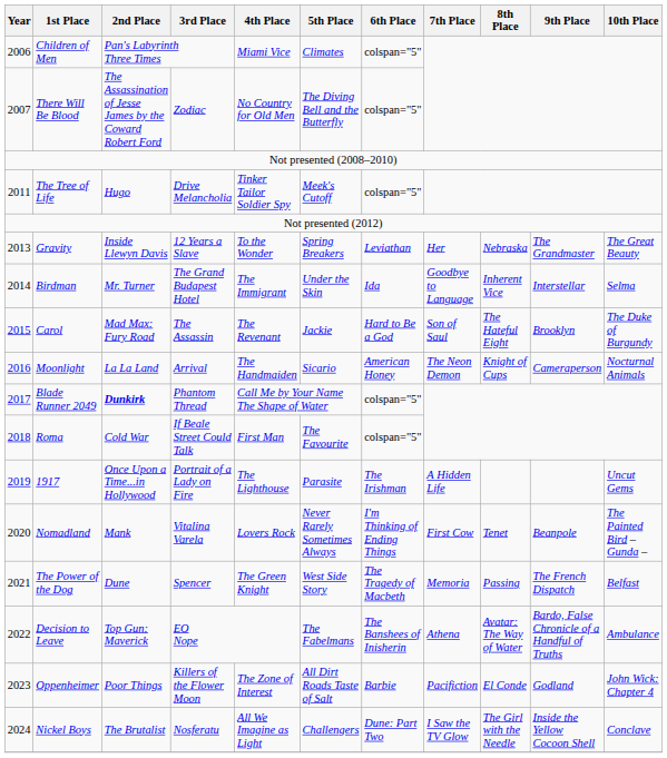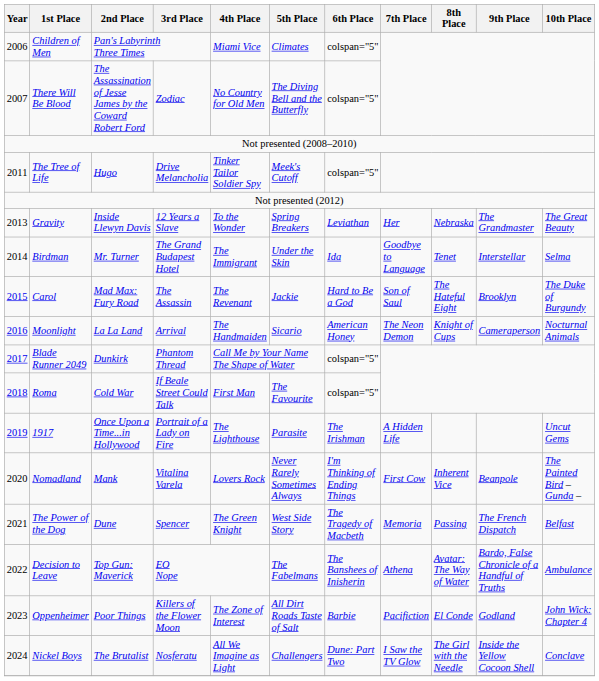 <table class="wikitable">
 <tr>
 <th scope="col" width="3%">Year</th>
 <th scope="col" width="9%">1st Place</th>
 <th scope="col" width="9%">2nd Place</th>
 <th scope="col" width="9%">3rd Place</th>
 <th scope="col" width="9%">4th Place</th>
 <th scope="col" width="9%">5th Place</th>
 <th scope="col" width="9%">6th Place</th>
 <th scope="col" width="9%">7th Place</th>
 <th scope="col" width="9%">8th Place</th>
 <th scope="col" width="9%">9th Place</th>
 <th scope="col" width="9%">10th Place</th>
 </tr>
 <tr>
 <td align="center">2006</td>
 <td><em><a href='#'>Children of Men</a></em><br></td>
 <td colspan="2"><em><a href='#'>Pan's Labyrinth</a></em> <br><em><a href='#'>Three Times</a></em> </td>
 <td><em><a href='#'>Miami Vice</a></em><br></td>
 <td><em><a href='#'>Climates</a></em><br></td>
 <td>colspan="5" </td>
 </tr>
 <tr>
 <td align="center">2007</td>
 <td><em><a href='#'>There Will Be Blood</a></em><br></td>
 <td><em><a href='#'>The Assassination of Jesse James by the Coward Robert Ford</a></em><br></td>
 <td><em><a href='#'>Zodiac</a></em><br></td>
 <td><em><a href='#'>No Country for Old Men</a></em><br></td>
 <td><em><a href='#'>The Diving Bell and the Butterfly</a></em><br></td>
 <td>colspan="5" </td>
 </tr>
 <tr>
 <td colspan="11" align="center">Not presented (2008–2010)</td>
 </tr>
 <tr>
 <td align="center">2011</td>
 <td><em><a href='#'>The Tree of Life</a></em><br></td>
 <td><em><a href='#'>Hugo</a></em><br></td>
 <td><em><a href='#'>Drive</a></em> <br><em><a href='#'>Melancholia</a></em> </td>
 <td><em><a href='#'>Tinker Tailor Soldier Spy</a></em><br></td>
 <td><em><a href='#'>Meek's Cutoff</a></em><br></td>
 <td>colspan="5" </td>
 </tr>
 <tr>
 <td colspan="11" align="center">Not presented (2012)</td>
 </tr>
 <tr>
 <td align="center">2013</td>
 <td><em><a href='#'>Gravity</a></em><br></td>
 <td><em><a href='#'>Inside Llewyn Davis</a></em><br></td>
 <td><em><a href='#'>12 Years a Slave</a></em><br></td>
 <td><em><a href='#'>To the Wonder</a></em><br></td>
 <td><em><a href='#'>Spring Breakers</a></em><br></td>
 <td><em><a href='#'>Leviathan</a></em><br></td>
 <td><em><a href='#'>Her</a></em><br></td>
 <td><em><a href='#'>Nebraska</a></em><br></td>
 <td><em><a href='#'>The Grandmaster</a></em><br></td>
 <td><em><a href='#'>The Great Beauty</a></em><br></td>
 </tr>
 <tr>
 <td align="center">2014</td>
 <td><em><a href='#'>Birdman</a></em><br></td>
 <td><em><a href='#'>Mr. Turner</a></em><br></td>
 <td><em><a href='#'>The Grand Budapest Hotel</a></em><br></td>
 <td><em><a href='#'>The Immigrant</a></em><br></td>
 <td><em><a href='#'>Under the Skin</a></em><br></td>
 <td><em><a href='#'>Ida</a></em><br></td>
 <td><em><a href='#'>Goodbye to Language</a></em><br></td>
-<td><em><a href='#'>Inherent Vice</a></em><br></td>
+<td><em><a href='#'>Tenet</a></em><br></td>
 <td><em><a href='#'>Interstellar</a></em><br></td>
 <td><em><a href='#'>Selma</a></em><br></td>
 </tr>
 <tr>
 <td align="center"><a href='#'>2015</a></td>
 <td><em><a href='#'>Carol</a></em><br></td>
 <td><em><a href='#'>Mad Max: Fury Road</a></em><br></td>
 <td><em><a href='#'>The Assassin</a></em><br></td>
 <td><em><a href='#'>The Revenant</a></em><br></td>
 <td><em><a href='#'>Jackie</a></em><br></td>
 <td><em><a href='#'>Hard to Be a God</a></em><br></td>
 <td><em><a href='#'>Son of Saul</a></em><br></td>
 <td><em><a href='#'>The Hateful Eight</a></em><br></td>
 <td><em><a href='#'>Brooklyn</a></em><br></td>
 <td><em><a href='#'>The Duke of Burgundy</a></em><br></td>
 </tr>
 <tr>
 <td align="center"><a href='#'>2016</a></td>
 <td><em><a href='#'>Moonlight</a></em><br></td>
 <td><em><a href='#'>La La Land</a></em><br></td>
 <td><em><a href='#'>Arrival</a></em><br></td>
 <td><em><a href='#'>The Handmaiden</a></em><br></td>
 <td><em><a href='#'>Sicario</a></em><br></td>
 <td><em><a href='#'>American Honey</a></em><br></td>
 <td><em><a href='#'>The Neon Demon</a></em><br></td>
 <td><em><a href='#'>Knight of Cups</a></em><br></td>
 <td><em><a href='#'>Cameraperson</a></em><br></td>
 <td><em><a href='#'>Nocturnal Animals</a></em><br></td>
 </tr>
 <tr>
 <td align="center"><a href='#'>2017</a></td>
 <td><em><a href='#'>Blade Runner 2049</a></em><br></td>
-<td><strong><em><a href='#'>Dunkirk</a></em><br></strong></td>
+<td><em><a href='#'>Dunkirk</a></em><br></td>
 <td><em><a href='#'>Phantom Thread</a></em><br></td>
 <td colspan="2"><em><a href='#'>Call Me by Your Name</a></em> <br><em><a href='#'>The Shape of Water</a></em> </td>
 <td>colspan="5" </td>
 </tr>
 <tr>
 <td align="center"><a href='#'>2018</a></td>
 <td><em><a href='#'>Roma</a></em><br></td>
 <td><em><a href='#'>Cold War</a></em><br></td>
 <td><em><a href='#'>If Beale Street Could Talk</a></em><br></td>
 <td><em><a href='#'>First Man</a></em><br></td>
 <td><em><a href='#'>The Favourite</a></em><br></td>
 <td>colspan="5" </td>
 </tr>
 <tr>
 <td align="center"><a href='#'>2019</a></td>
 <td><em><a href='#'>1917</a></em><br></td>
 <td><em><a href='#'>Once Upon a Time...in Hollywood</a></em><br></td>
 <td><em><a href='#'>Portrait of a Lady on Fire</a></em><br></td>
 <td><em><a href='#'>The Lighthouse</a></em><br></td>
 <td><em><a href='#'>Parasite</a></em><br></td>
 <td><em><a href='#'>The Irishman</a></em><br></td>
 <td><em><a href='#'>A Hidden Life</a></em><br></td>
 <td></td>
 <td></td>
 <td><em><a href='#'>Uncut Gems</a></em><br></td>
 </tr>
 <tr>
 <td align="center">2020</td>
 <td><em><a href='#'>Nomadland</a></em><br></td>
 <td><em><a href='#'>Mank</a></em><br></td>
 <td><em><a href='#'>Vitalina Varela</a></em><br></td>
 <td><em><a href='#'>Lovers Rock</a></em><br></td>
 <td><em><a href='#'>Never Rarely Sometimes Always</a></em><br></td>
 <td><em><a href='#'>I'm Thinking of Ending Things</a></em><br></td>
 <td><em><a href='#'>First Cow</a></em><br></td>
-<td><em><a href='#'>Tenet</a></em><br></td>
+<td><em><a href='#'>Inherent Vice</a></em><br></td>
 <td><em><a href='#'>Beanpole</a></em><br></td>
 <td colspan="2"><em><a href='#'>The Painted Bird</a></em> – <br><em><a href='#'>Gunda</a></em> – </td>
 </tr>
 <tr>
 <td align="center">2021</td>
 <td><em><a href='#'>The Power of the Dog</a></em><br></td>
 <td><em><a href='#'>Dune</a></em><br></td>
 <td><em><a href='#'>Spencer</a></em><br></td>
 <td><em><a href='#'>The Green Knight</a></em><br></td>
 <td><em><a href='#'>West Side Story</a></em><br></td>
 <td><em><a href='#'>The Tragedy of Macbeth</a></em><br></td>
 <td><em><a href='#'>Memoria</a></em><br></td>
 <td><em><a href='#'>Passing</a></em><br></td>
 <td><em><a href='#'>The French Dispatch</a></em><br></td>
 <td><em><a href='#'>Belfast</a></em><br></td>
 </tr>
 <tr>
 <td align="center">2022</td>
 <td><em><a href='#'>Decision to Leave</a></em><br></td>
 <td><em><a href='#'>Top Gun: Maverick</a></em><br></td>
 <td colspan="2"><em><a href='#'>EO</a></em> <br><em><a href='#'>Nope</a></em> </td>
 <td><em><a href='#'>The Fabelmans</a></em><br></td>
 <td><em><a href='#'>The Banshees of Inisherin</a></em><br></td>
 <td><em><a href='#'>Athena</a></em><br></td>
 <td><em><a href='#'>Avatar: The Way of Water</a></em><br></td>
 <td><em><a href='#'>Bardo, False Chronicle of a Handful of Truths</a></em><br></td>
 <td><em><a href='#'>Ambulance</a></em><br></td>
 </tr>
 <tr>
 <td align="center">2023</td>
 <td><em><a href='#'>Oppenheimer</a></em><br></td>
 <td><em><a href='#'>Poor Things</a></em><br></td>
 <td><em><a href='#'>Killers of the Flower Moon</a></em><br></td>
 <td><em><a href='#'>The Zone of Interest</a></em><br></td>
 <td><em><a href='#'>All Dirt Roads Taste of Salt</a></em><br></td>
 <td><em><a href='#'>Barbie</a></em><br></td>
 <td><em><a href='#'>Pacifiction</a></em><br></td>
 <td><em><a href='#'>El Conde</a></em><br></td>
 <td><em><a href='#'>Godland</a></em><br></td>
 <td><em><a href='#'>John Wick: Chapter 4</a></em><br></td>
 </tr>
 <tr>
 <td align="center">2024</td>
 <td><em><a href='#'>Nickel Boys</a></em><br></td>
 <td><em><a href='#'>The Brutalist</a></em><br></td>
 <td><em><a href='#'>Nosferatu</a></em><br></td>
 <td><em><a href='#'>All We Imagine as Light</a></em><br></td>
 <td><em><a href='#'>Challengers</a></em><br></td>
 <td><em><a href='#'>Dune: Part Two</a></em><br></td>
 <td><em><a href='#'>I Saw the TV Glow</a></em><br></td>
 <td><em><a href='#'>The Girl with the Needle</a></em><br></td>
 <td><em><a href='#'>Inside the Yellow Cocoon Shell</a></em><br></td>
 <td><em><a href='#'>Conclave</a></em><br></td>
 </tr>
 <tr>
 </tr>
 </table>
